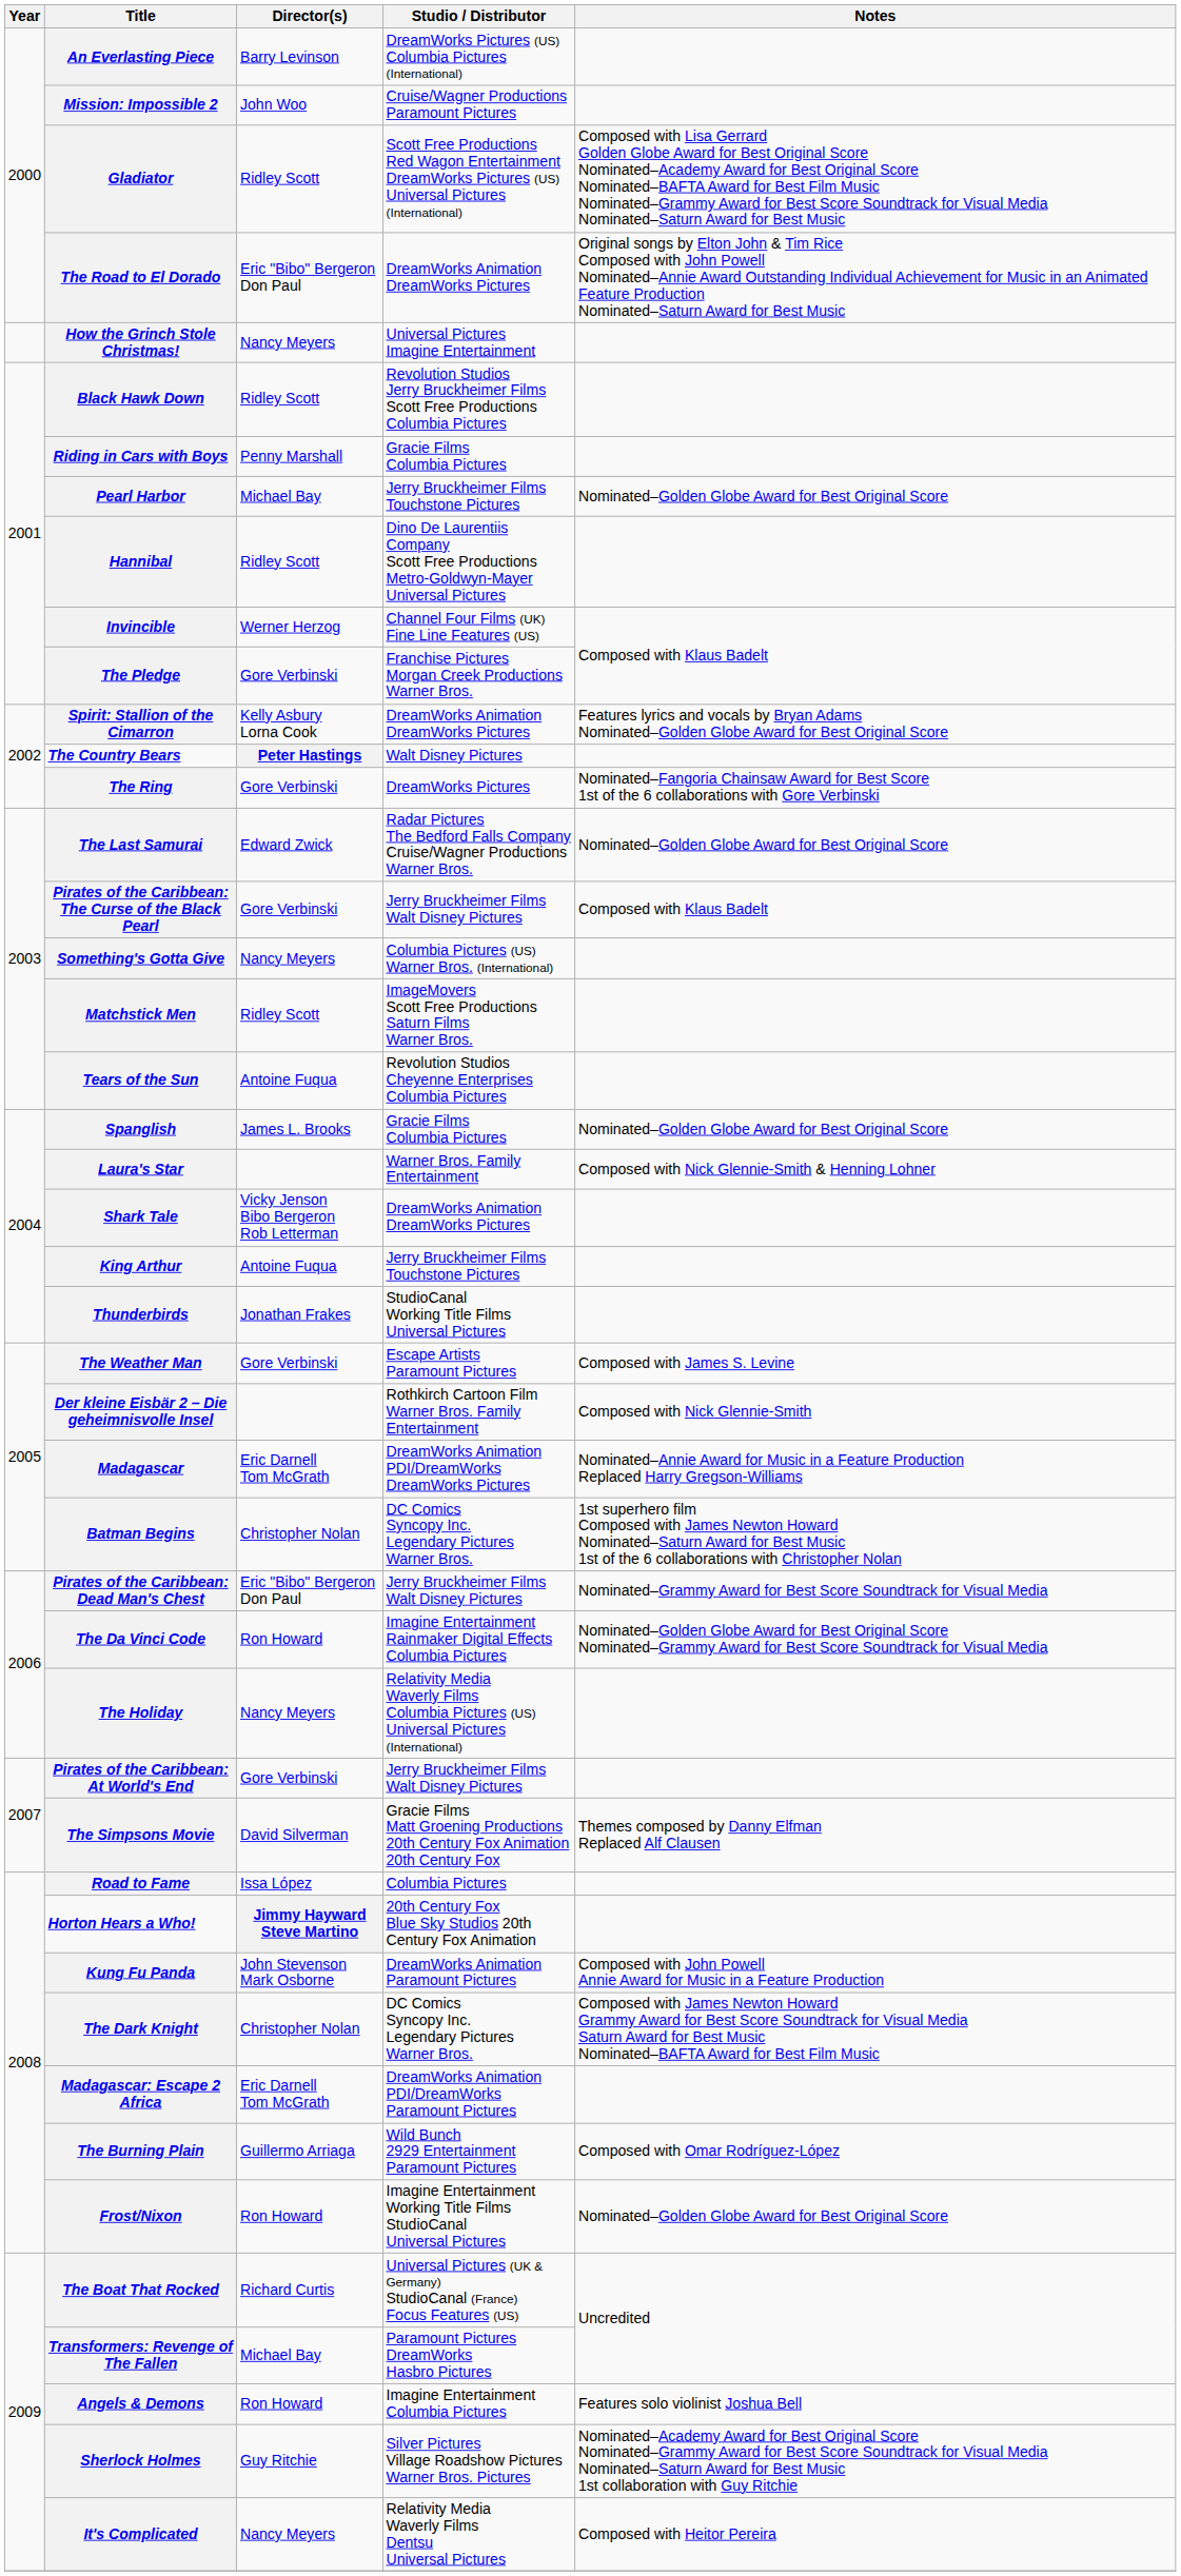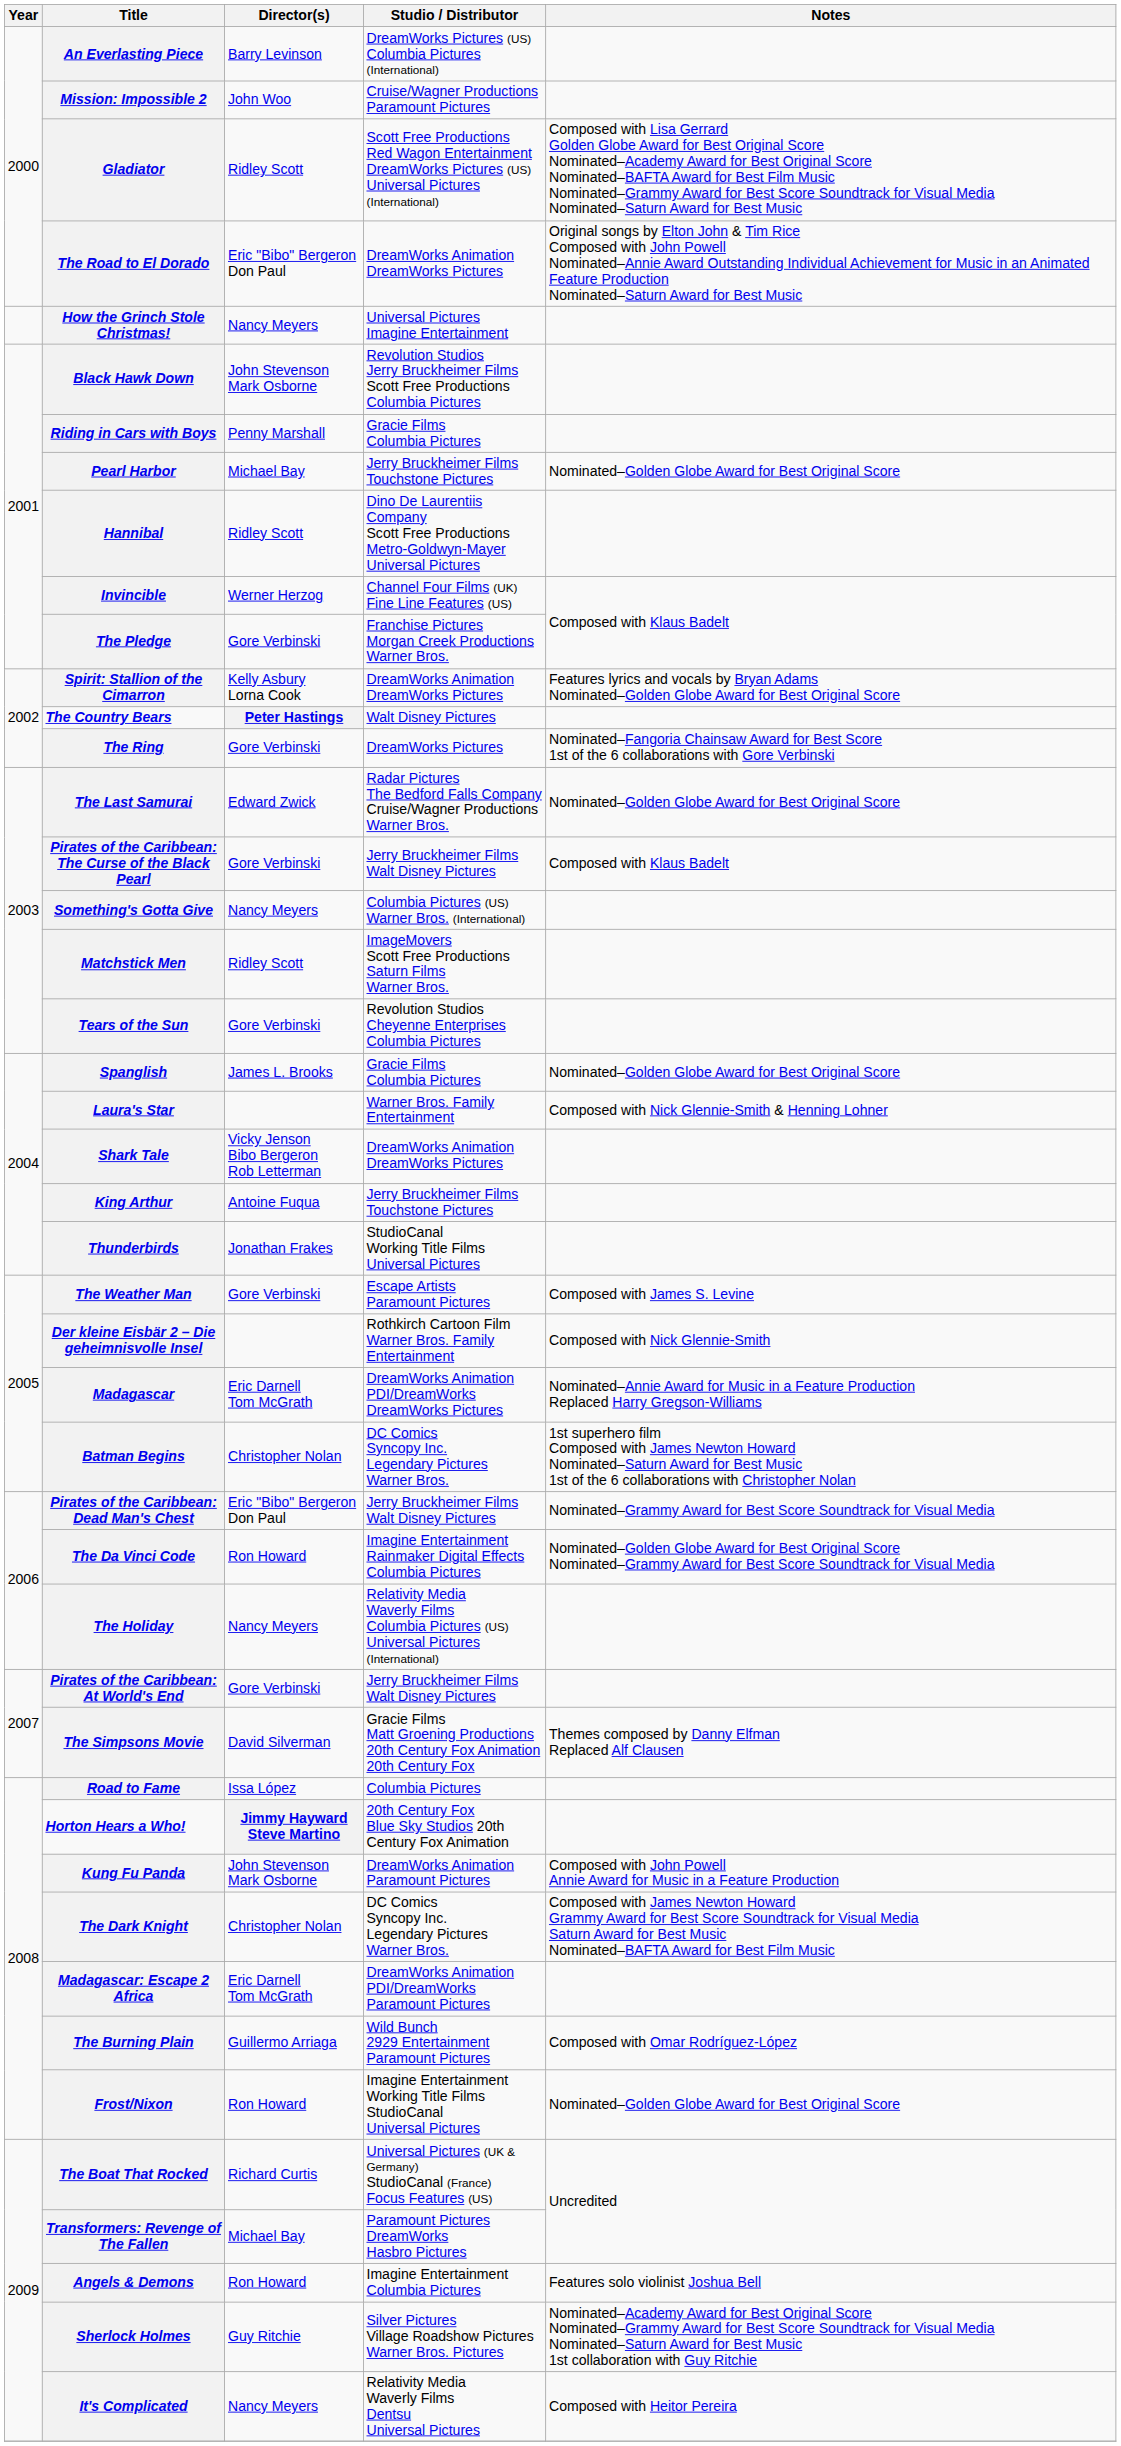 <table class="wikitable sortable" width=100%>
 <tr>
 <th width="30">Year</th>
 <th width="200">Title</th>
 <th width="150">Director(s)</th>
 <th width="200">Studio / Distributor</th>
 <th>Notes</th>
 </tr>
 <tr>
 <td rowspan="4">2000</td>
 <th><em><a href='#'>An Everlasting Piece</a></em></th>
 <td><a href='#'>Barry Levinson</a></td>
 <td><a href='#'>DreamWorks Pictures</a> <small>(US)</small><br><a href='#'>Columbia Pictures</a> <small>(International)</small></td>
 <td></td>
 </tr>
 <tr>
 <th><em><a href='#'>Mission: Impossible 2</a></em></th>
 <td><a href='#'>John Woo</a></td>
 <td><a href='#'>Cruise/Wagner Productions</a><br><a href='#'>Paramount Pictures</a></td>
 <td></td>
 </tr>
 <tr>
 <th><em><a href='#'>Gladiator</a></em></th>
 <td><a href='#'>Ridley Scott</a></td>
 <td><a href='#'>Scott Free Productions</a><br><a href='#'>Red Wagon Entertainment</a><br><a href='#'>DreamWorks Pictures</a> <small>(US)</small><br><a href='#'>Universal Pictures</a> <small>(International)</small></td>
 <td>Composed with <a href='#'>Lisa Gerrard</a><br><a href='#'>Golden Globe Award for Best Original Score</a><br>Nominated–<a href='#'>Academy Award for Best Original Score</a><br>Nominated–<a href='#'>BAFTA Award for Best Film Music</a><br>Nominated–<a href='#'>Grammy Award for Best Score Soundtrack for Visual Media</a><br>Nominated–<a href='#'>Saturn Award for Best Music</a></td>
 </tr>
 <tr>
 <th><em><a href='#'>The Road to El Dorado</a></em></th>
 <td><a href='#'>Eric "Bibo" Bergeron</a><br>Don Paul</td>
 <td><a href='#'>DreamWorks Animation</a><br><a href='#'>DreamWorks Pictures</a></td>
 <td>Original songs by <a href='#'>Elton John</a> & <a href='#'>Tim Rice</a><br>Composed with <a href='#'>John Powell</a><br>Nominated–<a href='#'>Annie Award Outstanding Individual Achievement for Music in an Animated Feature Production</a><br>Nominated–<a href='#'>Saturn Award for Best Music</a></td>
 </tr>
 <tr>
 <td></td>
 <th><em><a href='#'>How the Grinch Stole Christmas!</a></em></th>
 <td><a href='#'>Nancy Meyers</a></td>
 <td><a href='#'>Universal Pictures</a><br><a href='#'>Imagine Entertainment</a></td>
 <td></td>
 </tr>
 <tr>
 <td rowspan="6">2001</td>
 <th><em><a href='#'>Black Hawk Down</a></em></th>
-<td><a href='#'>Ridley Scott</a></td>
+<td><a href='#'>John Stevenson</a><br><a href='#'>Mark Osborne</a></td>
 <td><a href='#'>Revolution Studios</a><br><a href='#'>Jerry Bruckheimer Films</a><br>Scott Free Productions<br><a href='#'>Columbia Pictures</a></td>
 <td></td>
 </tr>
 <tr>
 <th><em><a href='#'>Riding in Cars with Boys</a></em></th>
 <td><a href='#'>Penny Marshall</a></td>
 <td><a href='#'>Gracie Films</a><br><a href='#'>Columbia Pictures</a></td>
 <td></td>
 </tr>
 <tr>
 <th><em><a href='#'>Pearl Harbor</a></em></th>
 <td><a href='#'>Michael Bay</a></td>
 <td><a href='#'>Jerry Bruckheimer Films</a><br><a href='#'>Touchstone Pictures</a></td>
 <td>Nominated–<a href='#'>Golden Globe Award for Best Original Score</a></td>
 </tr>
 <tr>
 <th><em><a href='#'>Hannibal</a></em></th>
 <td><a href='#'>Ridley Scott</a></td>
 <td><a href='#'>Dino De Laurentiis Company</a><br>Scott Free Productions<br><a href='#'>Metro-Goldwyn-Mayer</a><br><a href='#'>Universal Pictures</a></td>
 <td></td>
 </tr>
 <tr>
 <th><em><a href='#'>Invincible</a></em></th>
 <td><a href='#'>Werner Herzog</a></td>
 <td><a href='#'>Channel Four Films</a> <small>(UK)</small><br><a href='#'>Fine Line Features</a> <small>(US)</small></td>
 <td rowspan="2">Composed with <a href='#'>Klaus Badelt</a></td>
 </tr>
 <tr>
 <th><em><a href='#'>The Pledge</a></em></th>
 <td><a href='#'>Gore Verbinski</a></td>
 <td><a href='#'>Franchise Pictures</a><br><a href='#'>Morgan Creek Productions</a><br><a href='#'>Warner Bros.</a></td>
 </tr>
 <tr>
 <td rowspan="3">2002</td>
 <th><em><a href='#'>Spirit: Stallion of the Cimarron</a></em></th>
 <td><a href='#'>Kelly Asbury</a><br>Lorna Cook</td>
 <td><a href='#'>DreamWorks Animation</a><br><a href='#'>DreamWorks Pictures</a></td>
 <td>Features lyrics and vocals by <a href='#'>Bryan Adams</a><br>Nominated–<a href='#'>Golden Globe Award for Best Original Score</a></td>
 </tr>
 <tr>
 <td><strong><em><a href='#'>The Country Bears</a></em></strong></td>
 <th><a href='#'>Peter Hastings</a></th>
 <td><a href='#'>Walt Disney Pictures</a></td>
 <td></td>
 </tr>
 <tr>
 <th><em><a href='#'>The Ring</a></em></th>
 <td><a href='#'>Gore Verbinski</a></td>
 <td><a href='#'>DreamWorks Pictures</a></td>
 <td>Nominated–<a href='#'>Fangoria Chainsaw Award for Best Score</a><br>1st of the 6 collaborations with <a href='#'>Gore Verbinski</a></td>
 </tr>
 <tr>
 <td rowspan="5">2003</td>
 <th><em><a href='#'>The Last Samurai</a></em></th>
 <td><a href='#'>Edward Zwick</a></td>
 <td><a href='#'>Radar Pictures</a><br><a href='#'>The Bedford Falls Company</a><br>Cruise/Wagner Productions<br><a href='#'>Warner Bros.</a></td>
 <td>Nominated–<a href='#'>Golden Globe Award for Best Original Score</a></td>
 </tr>
 <tr>
 <th><em><a href='#'>Pirates of the Caribbean: The Curse of the Black Pearl</a></em></th>
 <td><a href='#'>Gore Verbinski</a></td>
 <td><a href='#'>Jerry Bruckheimer Films</a><br><a href='#'>Walt Disney Pictures</a></td>
 <td>Composed with <a href='#'>Klaus Badelt</a></td>
 </tr>
 <tr>
 <th><em><a href='#'>Something's Gotta Give</a></em></th>
 <td><a href='#'>Nancy Meyers</a></td>
 <td><a href='#'>Columbia Pictures</a> <small>(US)</small><br><a href='#'>Warner Bros.</a> <small>(International)</small></td>
 <td></td>
 </tr>
 <tr>
 <th><em><a href='#'>Matchstick Men</a></em></th>
 <td><a href='#'>Ridley Scott</a></td>
 <td><a href='#'>ImageMovers</a><br>Scott Free Productions<br><a href='#'>Saturn Films</a><br><a href='#'>Warner Bros.</a></td>
 <td></td>
 </tr>
 <tr>
 <th><em><a href='#'>Tears of the Sun</a></em></th>
-<td><a href='#'>Antoine Fuqua</a></td>
+<td><a href='#'>Gore Verbinski</a></td>
 <td>Revolution Studios<br><a href='#'>Cheyenne Enterprises</a><br><a href='#'>Columbia Pictures</a></td>
 <td></td>
 </tr>
 <tr>
 <td rowspan="5">2004</td>
 <th><em><a href='#'>Spanglish</a></em></th>
 <td><a href='#'>James L. Brooks</a></td>
 <td><a href='#'>Gracie Films</a><br><a href='#'>Columbia Pictures</a></td>
 <td>Nominated–<a href='#'>Golden Globe Award for Best Original Score</a></td>
 </tr>
 <tr>
 <th><em><a href='#'>Laura's Star</a></em></th>
 <td></td>
 <td><a href='#'>Warner Bros. Family Entertainment</a></td>
 <td>Composed with <a href='#'>Nick Glennie-Smith</a> & <a href='#'>Henning Lohner</a></td>
 </tr>
 <tr>
 <th><em><a href='#'>Shark Tale</a></em></th>
 <td><a href='#'>Vicky Jenson</a><br><a href='#'>Bibo Bergeron</a><br><a href='#'>Rob Letterman</a></td>
 <td><a href='#'>DreamWorks Animation</a><br><a href='#'>DreamWorks Pictures</a></td>
 <td></td>
 </tr>
 <tr>
 <th><em><a href='#'>King Arthur</a></em></th>
 <td><a href='#'>Antoine Fuqua</a></td>
 <td><a href='#'>Jerry Bruckheimer Films</a><br><a href='#'>Touchstone Pictures</a></td>
 <td></td>
 </tr>
 <tr>
 <th><em><a href='#'>Thunderbirds</a></em></th>
 <td><a href='#'>Jonathan Frakes</a></td>
 <td>StudioCanal<br>Working Title Films<br><a href='#'>Universal Pictures</a></td>
 <td></td>
 </tr>
 <tr>
 <td rowspan="4">2005</td>
 <th><em><a href='#'>The Weather Man</a></em></th>
 <td><a href='#'>Gore Verbinski</a></td>
 <td><a href='#'>Escape Artists</a><br><a href='#'>Paramount Pictures</a></td>
 <td>Composed with <a href='#'>James S. Levine</a></td>
 </tr>
 <tr>
 <th><em><a href='#'>Der kleine Eisbär 2 – Die geheimnisvolle Insel</a></em></th>
 <td></td>
 <td>Rothkirch Cartoon Film<br><a href='#'>Warner Bros. Family Entertainment</a></td>
 <td>Composed with <a href='#'>Nick Glennie-Smith</a></td>
 </tr>
 <tr>
 <th><em><a href='#'>Madagascar</a></em></th>
 <td><a href='#'>Eric Darnell</a><br><a href='#'>Tom McGrath</a></td>
 <td><a href='#'>DreamWorks Animation</a><br><a href='#'>PDI/DreamWorks</a><br><a href='#'>DreamWorks Pictures</a></td>
 <td>Nominated–<a href='#'>Annie Award for Music in a Feature Production</a><br>Replaced <a href='#'>Harry Gregson-Williams</a></td>
 </tr>
 <tr>
 <th><em><a href='#'>Batman Begins</a></em></th>
 <td><a href='#'>Christopher Nolan</a></td>
 <td><a href='#'>DC Comics</a><br><a href='#'>Syncopy Inc.</a><br><a href='#'>Legendary Pictures</a><br><a href='#'>Warner Bros.</a></td>
 <td>1st superhero film<br>Composed with <a href='#'>James Newton Howard</a><br>Nominated–<a href='#'>Saturn Award for Best Music</a><br>1st of the 6 collaborations with <a href='#'>Christopher Nolan</a></td>
 </tr>
 <tr>
 <td rowspan="3">2006</td>
 <th><em><a href='#'>Pirates of the Caribbean: Dead Man's Chest</a></em></th>
 <td><a href='#'>Eric "Bibo" Bergeron</a><br>Don Paul</td>
 <td><a href='#'>Jerry Bruckheimer Films</a><br><a href='#'>Walt Disney Pictures</a></td>
 <td>Nominated–<a href='#'>Grammy Award for Best Score Soundtrack for Visual Media</a></td>
 </tr>
 <tr>
 <th><em><a href='#'>The Da Vinci Code</a></em></th>
 <td><a href='#'>Ron Howard</a></td>
 <td><a href='#'>Imagine Entertainment</a><br><a href='#'>Rainmaker Digital Effects</a><br><a href='#'>Columbia Pictures</a></td>
 <td>Nominated–<a href='#'>Golden Globe Award for Best Original Score</a><br>Nominated–<a href='#'>Grammy Award for Best Score Soundtrack for Visual Media</a></td>
 </tr>
 <tr>
 <th><em><a href='#'>The Holiday</a></em></th>
 <td><a href='#'>Nancy Meyers</a></td>
 <td><a href='#'>Relativity Media</a><br><a href='#'>Waverly Films</a><br><a href='#'>Columbia Pictures</a> <small>(US)</small><br><a href='#'>Universal Pictures</a> <small>(International)</small></td>
 <td></td>
 </tr>
 <tr>
 <td rowspan="2">2007</td>
 <th><em><a href='#'>Pirates of the Caribbean: At World's End</a></em></th>
 <td><a href='#'>Gore Verbinski</a></td>
 <td><a href='#'>Jerry Bruckheimer Films</a><br><a href='#'>Walt Disney Pictures</a></td>
 <td></td>
 </tr>
 <tr>
 <th><em><a href='#'>The Simpsons Movie</a></em></th>
 <td><a href='#'>David Silverman</a></td>
 <td>Gracie Films<br><a href='#'>Matt Groening Productions</a><br><a href='#'>20th Century Fox Animation</a><br><a href='#'>20th Century Fox</a></td>
 <td>Themes composed by <a href='#'>Danny Elfman</a><br>Replaced <a href='#'>Alf Clausen</a></td>
 </tr>
 <tr>
 <td rowspan="7">2008</td>
 <th><em><a href='#'>Road to Fame</a></em></th>
 <td><a href='#'>Issa López</a></td>
 <td><a href='#'>Columbia Pictures</a></td>
 <td></td>
 </tr>
 <tr>
 <td><strong><em><a href='#'>Horton Hears a Who!</a></em></strong></td>
 <th><a href='#'>Jimmy Hayward</a><br><a href='#'>Steve Martino</a></th>
 <td><a href='#'>20th Century Fox</a><br><a href='#'>Blue Sky Studios</a> 20th Century Fox Animation</td>
 <td></td>
 </tr>
 <tr>
 <th><em><a href='#'>Kung Fu Panda</a></em></th>
 <td><a href='#'>John Stevenson</a><br><a href='#'>Mark Osborne</a></td>
 <td><a href='#'>DreamWorks Animation</a><br><a href='#'>Paramount Pictures</a></td>
 <td>Composed with <a href='#'>John Powell</a><br><a href='#'>Annie Award for Music in a Feature Production</a></td>
 </tr>
 <tr>
 <th><em><a href='#'>The Dark Knight</a></em></th>
 <td><a href='#'>Christopher Nolan</a></td>
 <td>DC Comics<br>Syncopy Inc.<br>Legendary Pictures<br><a href='#'>Warner Bros.</a></td>
 <td>Composed with <a href='#'>James Newton Howard</a><br><a href='#'>Grammy Award for Best Score Soundtrack for Visual Media</a><br><a href='#'>Saturn Award for Best Music</a><br>Nominated–<a href='#'>BAFTA Award for Best Film Music</a></td>
 </tr>
 <tr>
 <th><em><a href='#'>Madagascar: Escape 2 Africa</a></em></th>
 <td><a href='#'>Eric Darnell</a><br><a href='#'>Tom McGrath</a></td>
 <td><a href='#'>DreamWorks Animation</a><br><a href='#'>PDI/DreamWorks</a><br><a href='#'>Paramount Pictures</a></td>
 <td></td>
 </tr>
 <tr>
 <th><em><a href='#'>The Burning Plain</a></em></th>
 <td><a href='#'>Guillermo Arriaga</a></td>
 <td><a href='#'>Wild Bunch</a><br><a href='#'>2929 Entertainment</a><br><a href='#'>Paramount Pictures</a></td>
 <td>Composed with <a href='#'>Omar Rodríguez-López</a></td>
 </tr>
 <tr>
 <th><em><a href='#'>Frost/Nixon</a></em></th>
 <td><a href='#'>Ron Howard</a></td>
 <td>Imagine Entertainment<br>Working Title Films<br>StudioCanal<br><a href='#'>Universal Pictures</a></td>
 <td>Nominated–<a href='#'>Golden Globe Award for Best Original Score</a></td>
 </tr>
 <tr>
 <td rowspan="5">2009</td>
 <th><em><a href='#'>The Boat That Rocked</a></em></th>
 <td><a href='#'>Richard Curtis</a></td>
 <td><a href='#'>Universal Pictures</a> <small>(UK & Germany)</small><br>StudioCanal <small>(France)</small><br><a href='#'>Focus Features</a> <small>(US)</small></td>
 <td rowspan=2>Uncredited</td>
 </tr>
 <tr>
 <th><em><a href='#'>Transformers: Revenge of The Fallen</a></em></th>
 <td><a href='#'>Michael Bay</a></td>
 <td><a href='#'>Paramount Pictures</a><br><a href='#'>DreamWorks</a><br><a href='#'>Hasbro Pictures</a></td>
 </tr>
 <tr>
 <th><em><a href='#'>Angels & Demons</a></em></th>
 <td><a href='#'>Ron Howard</a></td>
 <td>Imagine Entertainment<br><a href='#'>Columbia Pictures</a></td>
 <td>Features solo violinist <a href='#'>Joshua Bell</a></td>
 </tr>
 <tr>
 <th><em><a href='#'>Sherlock Holmes</a></em></th>
 <td><a href='#'>Guy Ritchie</a></td>
 <td><a href='#'>Silver Pictures</a><br>Village Roadshow Pictures<br><a href='#'>Warner Bros. Pictures</a></td>
 <td>Nominated–<a href='#'>Academy Award for Best Original Score</a><br>Nominated–<a href='#'>Grammy Award for Best Score Soundtrack for Visual Media</a><br>Nominated–<a href='#'>Saturn Award for Best Music</a><br>1st collaboration with <a href='#'>Guy Ritchie</a></td>
 </tr>
 <tr>
 <th><em><a href='#'>It's Complicated</a></em></th>
 <td><a href='#'>Nancy Meyers</a></td>
 <td>Relativity Media<br>Waverly Films<br><a href='#'>Dentsu</a><br><a href='#'>Universal Pictures</a></td>
 <td>Composed with <a href='#'>Heitor Pereira</a></td>
 </tr>
 <tr>
 </tr>
 </table>
